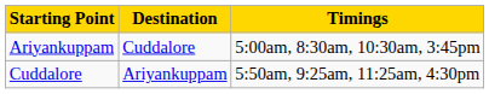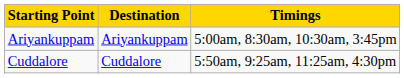 <table class="wikitable">
 <tr>
 <th style="background-color:#FFD700">Starting Point</th>
 <th ! style="background-color:#FFD700">Destination</th>
 <th ! style="background-color:#FFD700">Timings</th>
 </tr>
 <tr>
 <td valign="top"><a href='#'>Ariyankuppam</a></td>
-<td valign="top"><a href='#'>Cuddalore</a></td>
+<td valign="top"><a href='#'>Ariyankuppam</a></td>
 <td valign="top">5:00am, 8:30am, 10:30am, 3:45pm</td>
 </tr>
 <tr>
 <td valign="top"><a href='#'>Cuddalore</a></td>
-<td valign="top"><a href='#'>Ariyankuppam</a></td>
+<td valign="top"><a href='#'>Cuddalore</a></td>
 <td valign="top">5:50am, 9:25am, 11:25am, 4:30pm</td>
 </tr>
 </table>
